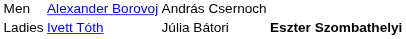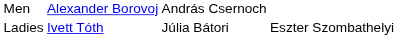 <table>
 <tr>
 <td>Men</td>
 <td><a href='#'>Alexander Borovoj</a></td>
 <td>András Csernoch</td>
 <td></td>
 </tr>
 <tr>
 <td>Ladies</td>
 <td><a href='#'>Ivett Tóth</a></td>
 <td>Júlia Bátori</td>
-<td><strong>Eszter Szombathelyi</strong></td>
+<td>Eszter Szombathelyi</td>
 </tr>
 </table>
